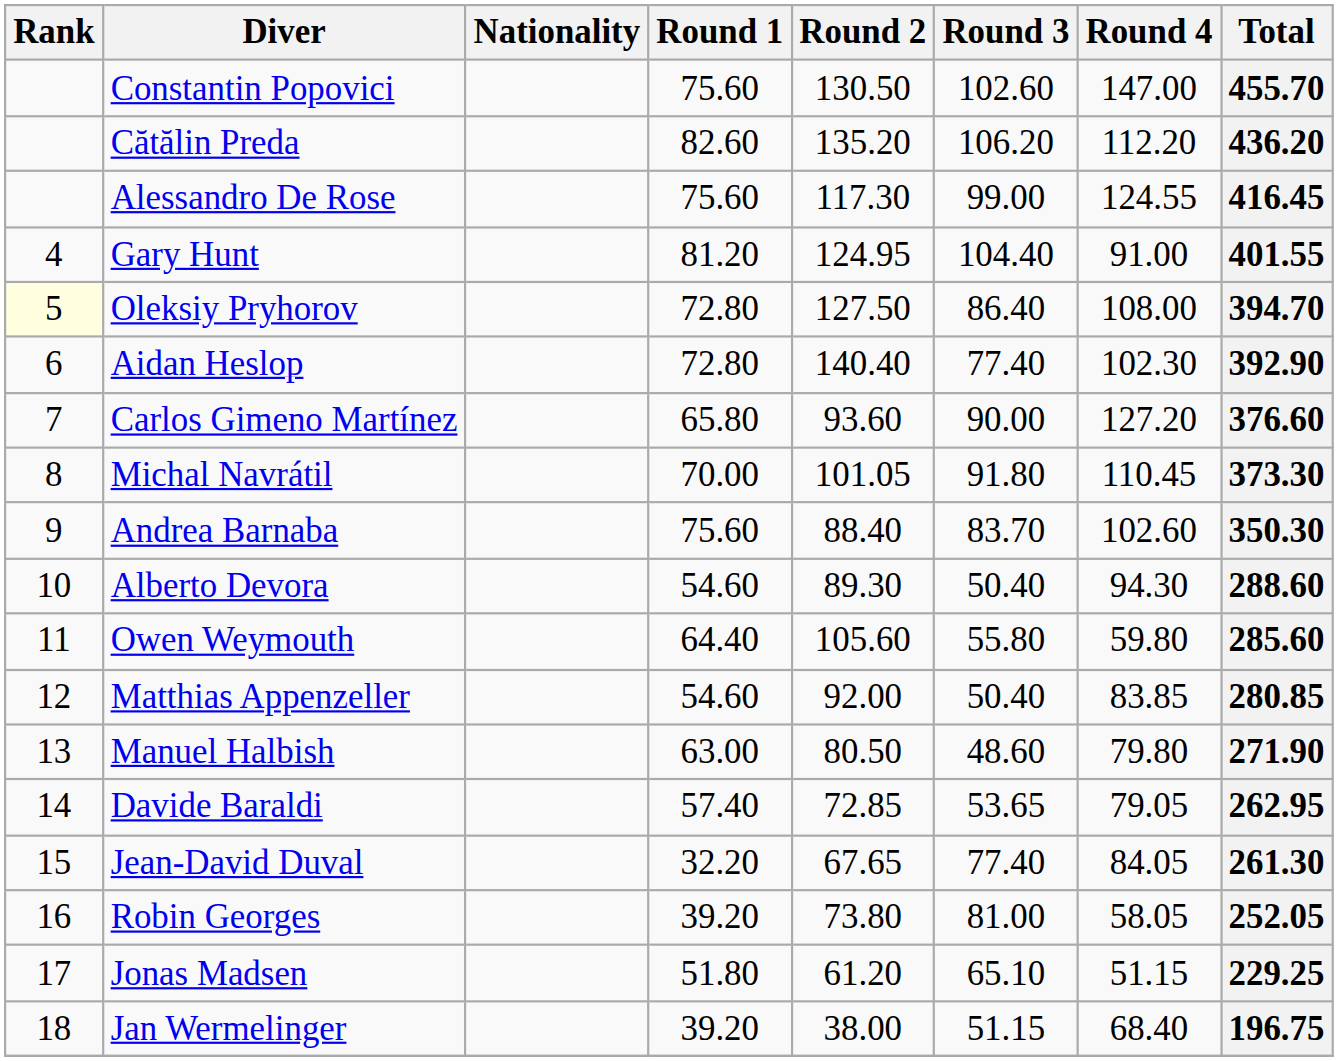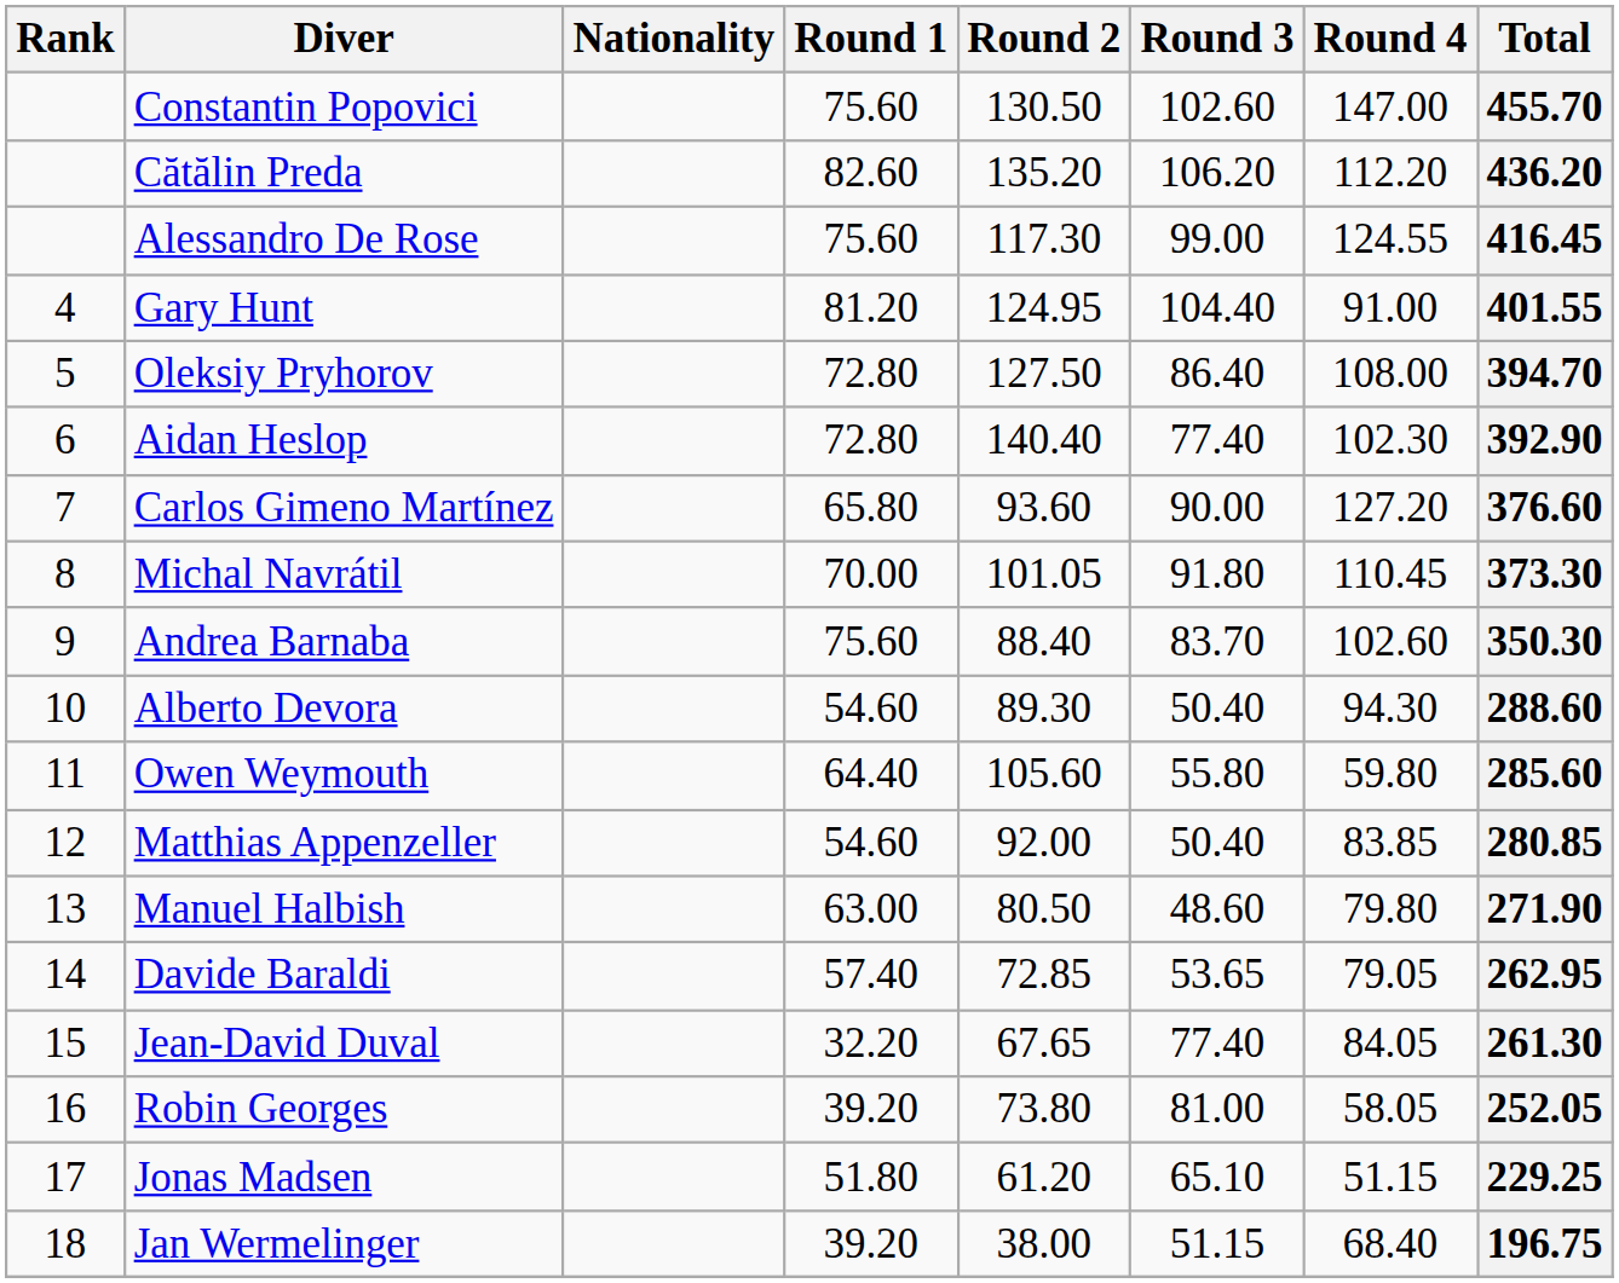 <table class="wikitable sortable" style="text-align:center">
 <tr>
 <th>Rank</th>
 <th>Diver</th>
 <th>Nationality</th>
 <th>Round 1</th>
 <th>Round 2</th>
 <th>Round 3</th>
 <th>Round 4</th>
 <th>Total</th>
 </tr>
 <tr>
 <td></td>
 <td align=left><a href='#'>Constantin Popovici</a></td>
 <td align=left></td>
 <td>75.60</td>
 <td>130.50</td>
 <td>102.60</td>
 <td>147.00</td>
 <th>455.70</th>
 </tr>
 <tr>
 <td></td>
 <td align=left><a href='#'>Cătălin Preda</a></td>
 <td align=left></td>
 <td>82.60</td>
 <td>135.20</td>
 <td>106.20</td>
 <td>112.20</td>
 <th>436.20</th>
 </tr>
 <tr>
 <td></td>
 <td align=left><a href='#'>Alessandro De Rose</a></td>
 <td align=left></td>
 <td>75.60</td>
 <td>117.30</td>
 <td>99.00</td>
 <td>124.55</td>
 <th>416.45</th>
 </tr>
 <tr>
 <td>4</td>
 <td align=left><a href='#'>Gary Hunt</a></td>
 <td align=left></td>
 <td>81.20</td>
 <td>124.95</td>
 <td>104.40</td>
 <td>91.00</td>
 <th>401.55</th>
 </tr>
 <tr>
-<td style="background: lightyellow;">5</td>
+<td>5</td>
 <td align=left><a href='#'>Oleksiy Pryhorov</a></td>
 <td align=left></td>
 <td>72.80</td>
 <td>127.50</td>
 <td>86.40</td>
 <td>108.00</td>
 <th>394.70</th>
 </tr>
 <tr>
 <td>6</td>
 <td align=left><a href='#'>Aidan Heslop</a></td>
 <td align=left></td>
 <td>72.80</td>
 <td>140.40</td>
 <td>77.40</td>
 <td>102.30</td>
 <th>392.90</th>
 </tr>
 <tr>
 <td>7</td>
 <td align=left><a href='#'>Carlos Gimeno Martínez</a></td>
 <td align=left></td>
 <td>65.80</td>
 <td>93.60</td>
 <td>90.00</td>
 <td>127.20</td>
 <th>376.60</th>
 </tr>
 <tr>
 <td>8</td>
 <td align=left><a href='#'>Michal Navrátil</a></td>
 <td align=left></td>
 <td>70.00</td>
 <td>101.05</td>
 <td>91.80</td>
 <td>110.45</td>
 <th>373.30</th>
 </tr>
 <tr>
 <td>9</td>
 <td align=left><a href='#'>Andrea Barnaba</a></td>
 <td align=left></td>
 <td>75.60</td>
 <td>88.40</td>
 <td>83.70</td>
 <td>102.60</td>
 <th>350.30</th>
 </tr>
 <tr>
 <td>10</td>
 <td align=left><a href='#'>Alberto Devora</a></td>
 <td align=left></td>
 <td>54.60</td>
 <td>89.30</td>
 <td>50.40</td>
 <td>94.30</td>
 <th>288.60</th>
 </tr>
 <tr>
 <td>11</td>
 <td align=left><a href='#'>Owen Weymouth</a></td>
 <td align=left></td>
 <td>64.40</td>
 <td>105.60</td>
 <td>55.80</td>
 <td>59.80</td>
 <th>285.60</th>
 </tr>
 <tr>
 <td>12</td>
 <td align=left><a href='#'>Matthias Appenzeller</a></td>
 <td align=left></td>
 <td>54.60</td>
 <td>92.00</td>
 <td>50.40</td>
 <td>83.85</td>
 <th>280.85</th>
 </tr>
 <tr>
 <td>13</td>
 <td align=left><a href='#'>Manuel Halbish</a></td>
 <td align=left></td>
 <td>63.00</td>
 <td>80.50</td>
 <td>48.60</td>
 <td>79.80</td>
 <th>271.90</th>
 </tr>
 <tr>
 <td>14</td>
 <td align=left><a href='#'>Davide Baraldi</a></td>
 <td align=left></td>
 <td>57.40</td>
 <td>72.85</td>
 <td>53.65</td>
 <td>79.05</td>
 <th>262.95</th>
 </tr>
 <tr>
 <td>15</td>
 <td align=left><a href='#'>Jean-David Duval</a></td>
 <td align=left></td>
 <td>32.20</td>
 <td>67.65</td>
 <td>77.40</td>
 <td>84.05</td>
 <th>261.30</th>
 </tr>
 <tr>
 <td>16</td>
 <td align=left><a href='#'>Robin Georges</a></td>
 <td align=left></td>
 <td>39.20</td>
 <td>73.80</td>
 <td>81.00</td>
 <td>58.05</td>
 <th>252.05</th>
 </tr>
 <tr>
 <td>17</td>
 <td align=left><a href='#'>Jonas Madsen</a></td>
 <td align=left></td>
 <td>51.80</td>
 <td>61.20</td>
 <td>65.10</td>
 <td>51.15</td>
 <th>229.25</th>
 </tr>
 <tr>
 <td>18</td>
 <td align=left><a href='#'>Jan Wermelinger</a></td>
 <td align=left></td>
 <td>39.20</td>
 <td>38.00</td>
 <td>51.15</td>
 <td>68.40</td>
 <th>196.75</th>
 </tr>
 <tr>
 </tr>
 </table>
